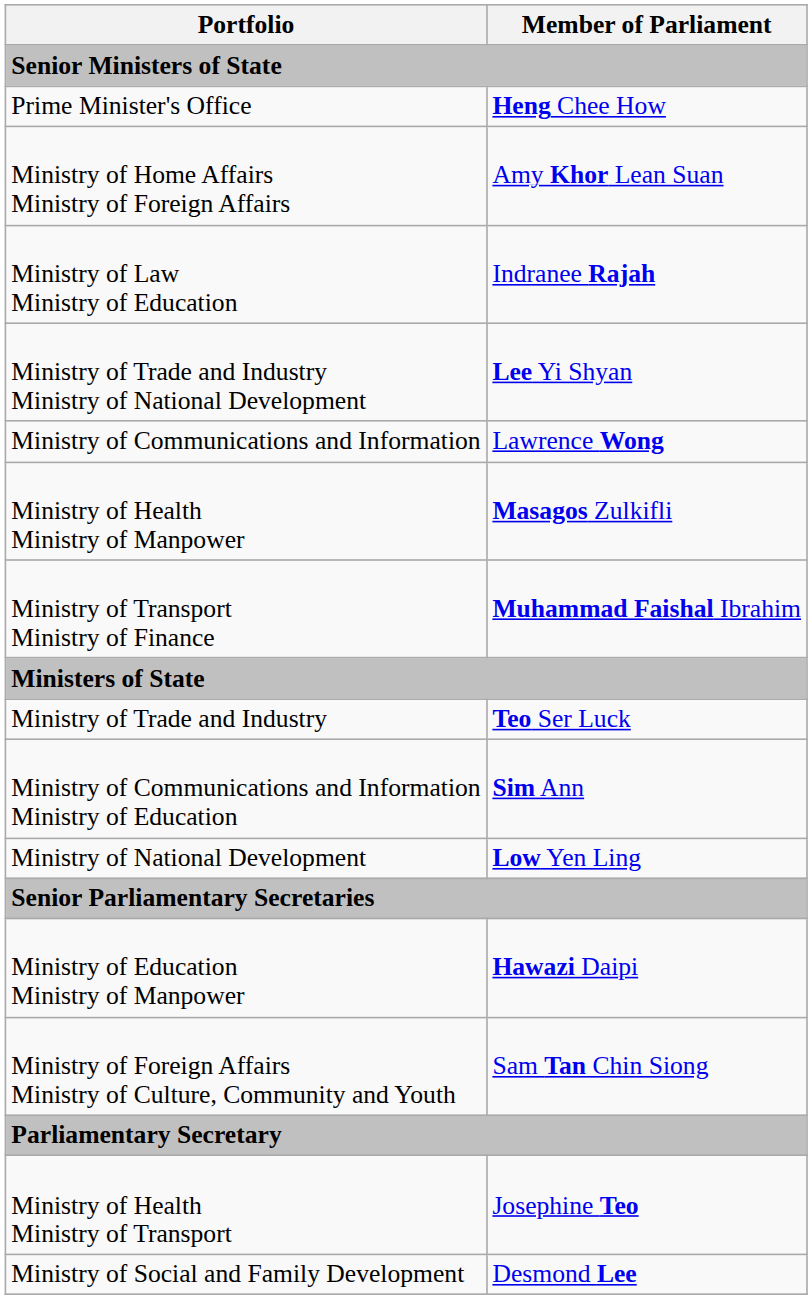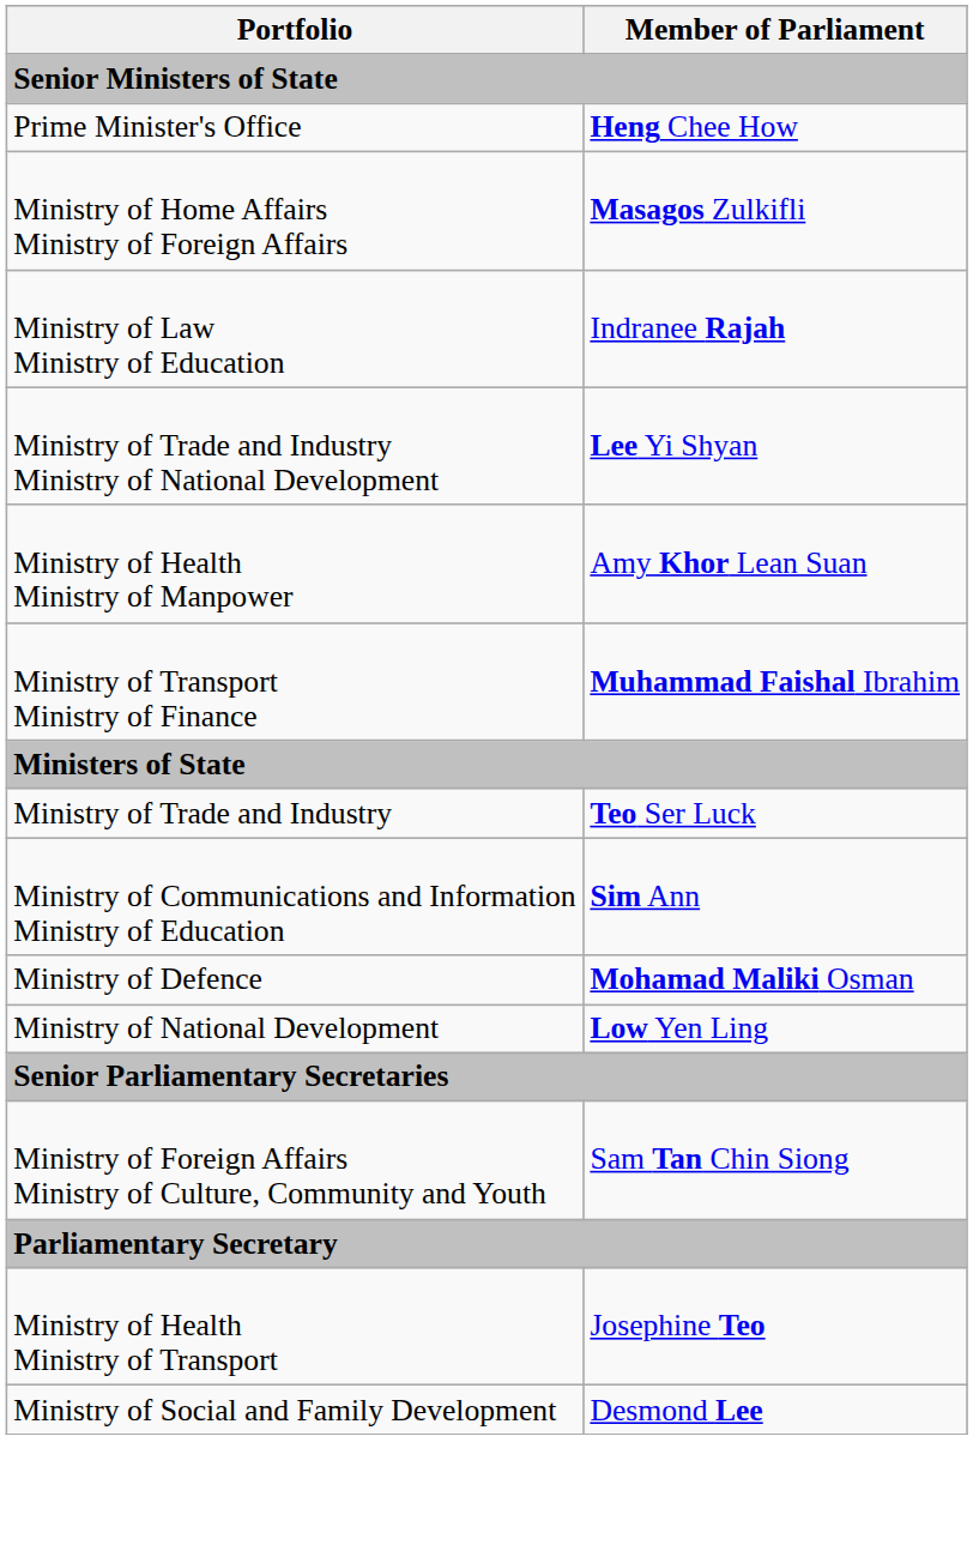 <table class="wikitable" style="margin: 1em auto 1em auto">
 <tr>
 <th>Portfolio</th>
 <th>Member of Parliament</th>
 </tr>
 <tr>
 <td colspan="2" style="background:silver;"><strong>Senior Ministers of State</strong></td>
 </tr>
 <tr>
 <td>Prime Minister's Office</td>
 <td><a href='#'><strong>Heng</strong> Chee How</a></td>
 </tr>
 <tr>
 <td><br>Ministry of Home Affairs<br> Ministry of Foreign Affairs</td>
-<td><a href='#'>Amy <strong>Khor</strong> Lean Suan</a></td>
+<td><a href='#'><strong>Masagos</strong> Zulkifli</a></td>
 </tr>
 <tr>
 <td><br>Ministry of Law<br> Ministry of Education</td>
 <td><a href='#'>Indranee <strong>Rajah</strong></a></td>
 </tr>
 <tr>
 <td><br>Ministry of Trade and Industry<br> Ministry of National Development</td>
 <td><a href='#'><strong>Lee</strong> Yi Shyan</a></td>
 </tr>
 <tr>
-<td>Ministry of Communications and Information</td>
-<td><a href='#'>Lawrence <strong>Wong</strong></a></td>
-</tr>
-<tr>
 <td><br>Ministry of Health<br> Ministry of Manpower</td>
-<td><a href='#'><strong>Masagos</strong> Zulkifli</a></td>
+<td><a href='#'>Amy <strong>Khor</strong> Lean Suan</a></td>
 </tr>
 <tr>
 <td><br>Ministry of Transport<br> Ministry of Finance</td>
 <td><a href='#'><strong>Muhammad Faishal</strong> Ibrahim</a></td>
 </tr>
 <tr>
 <td colspan="2" style="background:silver;"><strong>Ministers of State</strong></td>
 </tr>
 <tr>
 <td>Ministry of Trade and Industry</td>
 <td><a href='#'><strong>Teo</strong> Ser Luck</a></td>
 </tr>
 <tr>
 <td><br>Ministry of Communications and Information<br> Ministry of Education</td>
 <td><a href='#'><strong>Sim</strong> Ann</a></td>
 </tr>
 <tr>
+<td>Ministry of Defence</td>
+<td><a href='#'><strong>Mohamad Maliki</strong> Osman</a></td>
+</tr>
+<tr>
 <td>Ministry of National Development</td>
 <td><a href='#'><strong>Low</strong> Yen Ling</a></td>
 </tr>
 <tr>
 <td colspan="2" style="background:silver;"><strong>Senior Parliamentary Secretaries</strong></td>
-</tr>
-<tr>
-<td><br>Ministry of Education<br> Ministry of Manpower</td>
-<td><a href='#'><strong>Hawazi</strong> Daipi</a></td>
 </tr>
 <tr>
 <td><br>Ministry of Foreign Affairs<br> Ministry of Culture, Community and Youth</td>
 <td><a href='#'>Sam <strong>Tan</strong> Chin Siong</a></td>
 </tr>
 <tr>
 <td colspan="2" style="background:silver;"><strong>Parliamentary Secretary</strong></td>
 </tr>
 <tr>
 <td><br>Ministry of Health<br> Ministry of Transport</td>
 <td><a href='#'>Josephine <strong>Teo</strong></a></td>
 </tr>
 <tr>
 <td>Ministry of Social and Family Development</td>
 <td><a href='#'>Desmond <strong>Lee</strong></a></td>
 </tr>
 <tr>
 </tr>
 </table>
